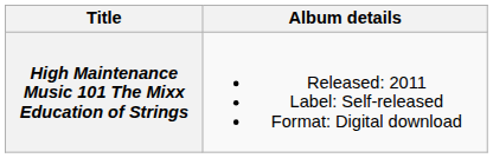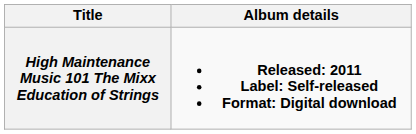 <table class="wikitable plainrowheaders" style="text-align:center;">
 <tr>
 <th scope="col" style="width:11em;">Title</th>
 <th scope="col" style="width:16em;">Album details</th>
 </tr>
 <tr>
 <th scope="row"><em>High Maintenance Music 101 The Mixx Education of Strings</em></th>
-<td><br><ul><li>Released: 2011</li><li>Label: Self-released</li><li>Format: Digital download</li></ul></td>
+<td><strong><br><ul><li>Released: 2011</li><li>Label: Self-released</li><li>Format: Digital download</li></ul></strong></td>
 </tr>
 </table>
